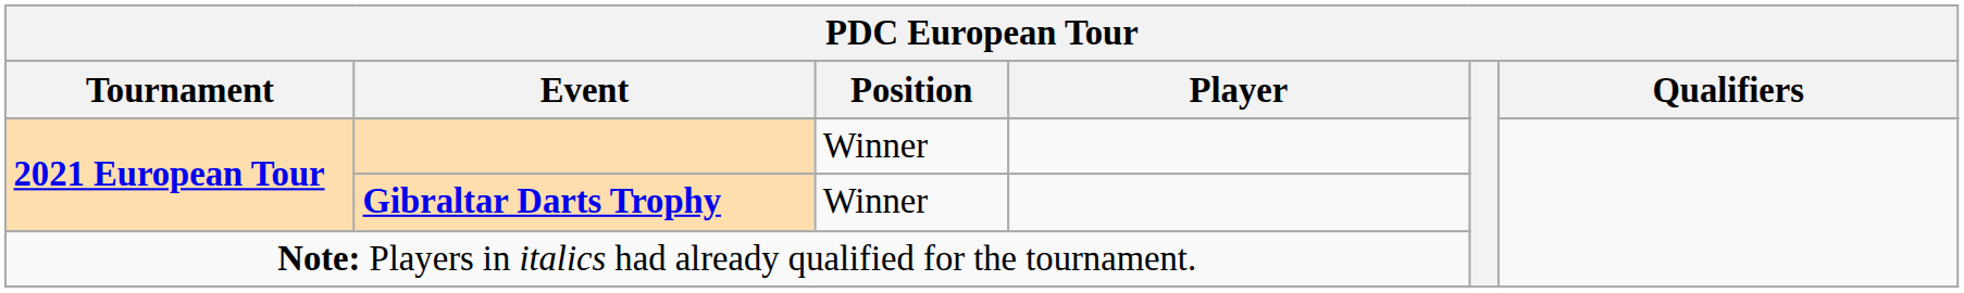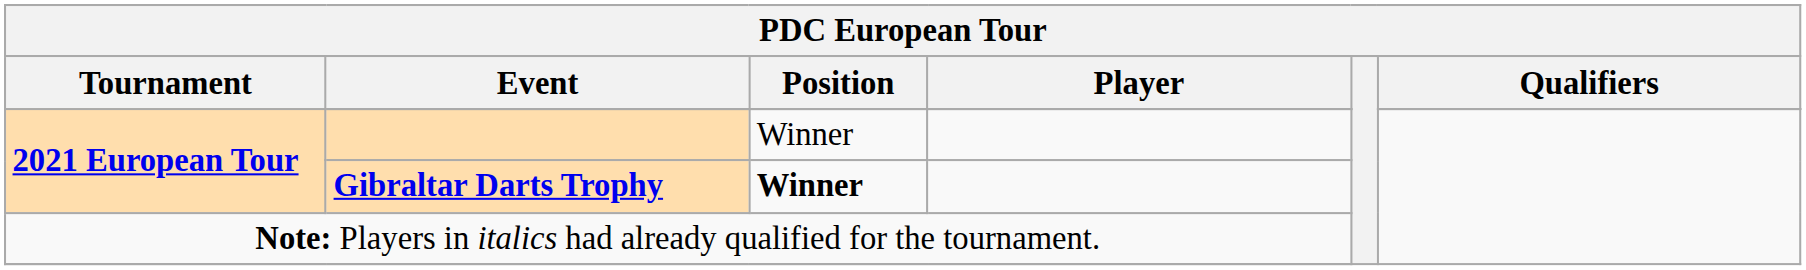 <table class="wikitable">
 <tr>
 <th colspan=6>PDC European Tour</th>
 </tr>
 <tr>
 <th width=150>Tournament</th>
 <th width=200>Event</th>
 <th width=80>Position</th>
 <th width=200>Player</th>
 <th rowspan=16 width=6></th>
 <th width=200>Qualifiers</th>
 </tr>
 <tr>
 <td rowspan=3 style="background:#ffdead;"><strong><a href='#'>2021 European Tour</a></strong></td>
 </tr>
 <tr>
 <td style="background:#ffdead;"></td>
 <td>Winner</td>
 <td><em></em></td>
 <td rowspan=4></td>
 </tr>
 <tr>
 <td style="background:#ffdead;"><strong><a href='#'>Gibraltar Darts Trophy</a></strong></td>
-<td>Winner</td>
+<td><strong>Winner</strong></td>
 <td><em></em></td>
 </tr>
 <tr>
 <td colspan=4 align=center><strong>Note:</strong> Players in <em>italics</em> had already qualified for the tournament.</td>
 </tr>
 <tr>
 </tr>
 </table>
